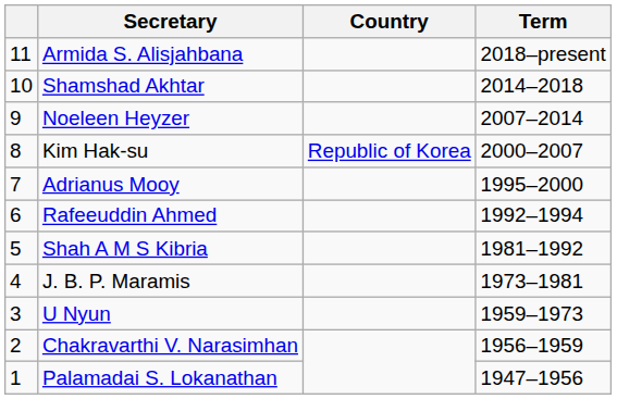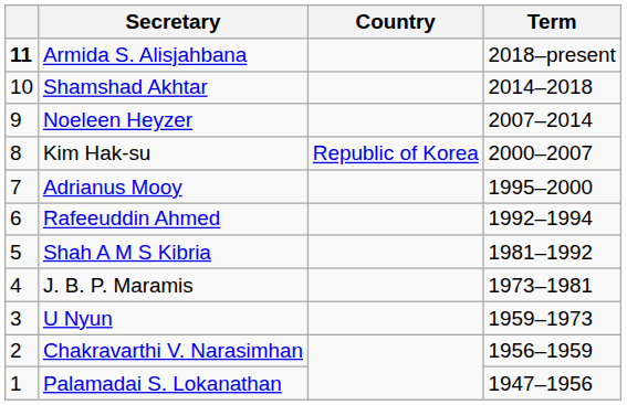 <table class="wikitable sortable" style="font-size:90%; text-align:left;">
 <tr>
 <th></th>
 <th>Secretary</th>
 <th>Country</th>
 <th>Term</th>
 </tr>
 <tr>
-<td>11</td>
+<td><strong>11</strong></td>
 <td><a href='#'>Armida S. Alisjahbana</a></td>
 <td><strong></strong></td>
 <td>2018–present</td>
 </tr>
 <tr>
 <td>10</td>
 <td><a href='#'>Shamshad Akhtar</a></td>
 <td></td>
 <td>2014–2018</td>
 </tr>
 <tr>
 <td>9</td>
 <td><a href='#'>Noeleen Heyzer</a></td>
 <td></td>
 <td>2007–2014</td>
 </tr>
 <tr>
 <td>8</td>
 <td>Kim Hak-su</td>
 <td> <a href='#'>Republic of Korea</a></td>
 <td>2000–2007</td>
 </tr>
 <tr>
 <td>7</td>
 <td><a href='#'>Adrianus Mooy</a></td>
 <td></td>
 <td>1995–2000</td>
 </tr>
 <tr>
 <td>6</td>
 <td><a href='#'>Rafeeuddin Ahmed</a></td>
 <td></td>
 <td>1992–1994</td>
 </tr>
 <tr>
 <td>5</td>
 <td><a href='#'>Shah A M S Kibria</a></td>
 <td></td>
 <td>1981–1992</td>
 </tr>
 <tr>
 <td>4</td>
 <td>J. B. P. Maramis</td>
 <td></td>
 <td>1973–1981</td>
 </tr>
 <tr>
 <td>3</td>
 <td><a href='#'>U Nyun</a></td>
 <td></td>
 <td>1959–1973</td>
 </tr>
 <tr>
 <td>2</td>
 <td><a href='#'>Chakravarthi V. Narasimhan</a></td>
 <td rowspan="2"></td>
 <td>1956–1959</td>
 </tr>
 <tr>
 <td>1</td>
 <td><a href='#'>Palamadai S. Lokanathan</a></td>
 <td>1947–1956</td>
 </tr>
 </table>
